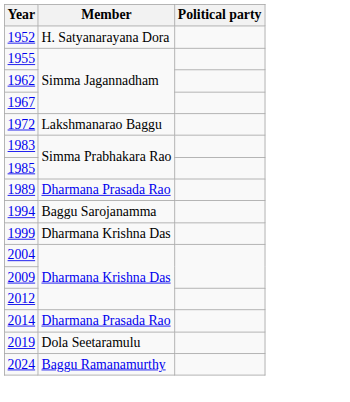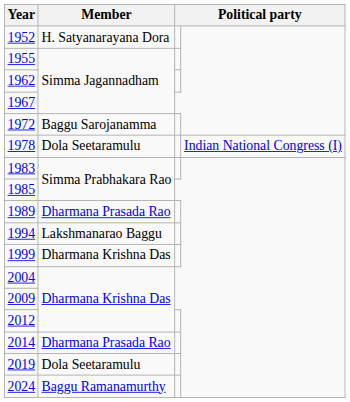 <table class="wikitable sortable">
 <tr>
 <th>Year</th>
 <th>Member</th>
 <th colspan="2">Political party</th>
 </tr>
 <tr>
 <td><a href='#'>1952</a></td>
 <td>H. Satyanarayana Dora</td>
 <td></td>
 </tr>
 <tr>
 <td><a href='#'>1955</a></td>
 <td rowspan=3>Simma Jagannadham</td>
 <td></td>
 </tr>
 <tr>
 <td><a href='#'>1962</a></td>
 <td></td>
 </tr>
 <tr>
 <td><a href='#'>1967</a></td>
 </tr>
 <tr>
 <td><a href='#'>1972</a></td>
-<td>Lakshmanarao Baggu</td>
+<td>Baggu Sarojanamma</td>
 <td></td>
+</tr>
+<tr>
+<td><a href='#'>1978</a></td>
+<td>Dola Seetaramulu</td>
+<td style="background-color: "></td>
+<td><a href='#'>Indian National Congress (I)</a></td>
 </tr>
 <tr>
 <td><a href='#'>1983</a></td>
 <td rowspan=2>Simma Prabhakara Rao</td>
 <td></td>
 </tr>
 <tr>
 <td><a href='#'>1985</a></td>
 </tr>
 <tr>
 <td><a href='#'>1989</a></td>
 <td><a href='#'>Dharmana Prasada Rao</a></td>
 <td></td>
 </tr>
 <tr>
 <td><a href='#'>1994</a></td>
-<td>Baggu Sarojanamma</td>
+<td>Lakshmanarao Baggu</td>
 <td></td>
 </tr>
 <tr>
 <td><a href='#'>1999</a></td>
 <td>Dharmana Krishna Das</td>
 <td></td>
 </tr>
 <tr>
 <td><a href='#'>2004</a></td>
 <td rowspan=3><a href='#'>Dharmana Krishna Das</a></td>
 </tr>
 <tr>
 <td><a href='#'>2009</a></td>
 </tr>
 <tr>
 <td><a href='#'>2012</a></td>
 <td></td>
 </tr>
 <tr>
 <td><a href='#'>2014</a></td>
 <td><a href='#'>Dharmana Prasada Rao</a></td>
 <td></td>
 </tr>
 <tr>
 <td><a href='#'>2019</a></td>
 <td>Dola Seetaramulu</td>
 <td></td>
 </tr>
 <tr>
 <td><a href='#'>2024</a></td>
 <td><a href='#'>Baggu Ramanamurthy</a></td>
 <td></td>
 </tr>
 </table>
